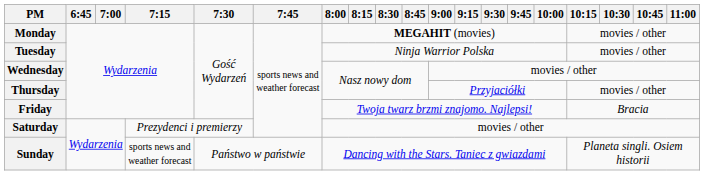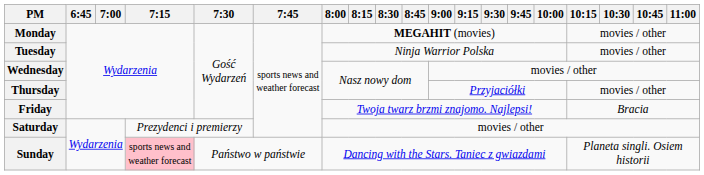 <table class="wikitable" style="text-align:center; font-size:90%">
 <tr>
 <th>PM</th>
 <th>6:45</th>
 <th>7:00</th>
 <th>7:15</th>
 <th>7:30</th>
 <th>7:45</th>
 <th>8:00</th>
 <th>8:15</th>
 <th>8:30</th>
 <th>8:45</th>
 <th>9:00</th>
 <th>9:15</th>
 <th>9:30</th>
 <th>9:45</th>
 <th>10:00</th>
 <th>10:15</th>
 <th>10:30</th>
 <th>10:45</th>
 <th>11:00</th>
 </tr>
 <tr>
 <th>Monday</th>
 <td colspan="3" rowspan="5"><em><a href='#'>Wydarzenia</a></em></td>
 <td rowspan="5"><em>Gość Wydarzeń</em></td>
 <td rowspan="6"><small>sports news and weather forecast</small></td>
 <td colspan="9"><strong>MEGAHIT</strong> (movies)</td>
 <td colspan="4">movies / other</td>
 </tr>
 <tr>
 <th>Tuesday</th>
 <td colspan="9"><em>Ninja Warrior Polska</em></td>
 <td colspan="4">movies / other</td>
 </tr>
 <tr>
 <th>Wednesday</th>
 <td colspan="4" rowspan="2"><em>Nasz nowy dom</em></td>
 <td colspan="9">movies / other</td>
 </tr>
 <tr>
 <th>Thursday</th>
 <td colspan="5"><em><a href='#'>Przyjaciółki</a></em></td>
 <td colspan="4">movies / other</td>
 </tr>
 <tr>
 <th>Friday</th>
 <td colspan="9"><em><a href='#'>Twoja twarz brzmi znajomo. Najlepsi!</a></em></td>
 <td colspan="4"><em>Bracia</em></td>
 </tr>
 <tr>
 <th>Saturday</th>
 <td colspan="2" rowspan="2"><em><a href='#'>Wydarzenia</a></em></td>
 <td colspan="2"><em>Prezydenci i premierzy</em></td>
 <td colspan="13">movies / other</td>
 </tr>
 <tr>
 <th>Sunday</th>
-<td><small>sports news and weather forecast</small></td>
+<td style="background: pink;"><small>sports news and weather forecast</small></td>
 <td colspan="2"><em>Państwo w państwie</em></td>
 <td colspan="9"><em><a href='#'>Dancing with the Stars. Taniec z gwiazdami</a></em></td>
 <td colspan="4"><em>Planeta singli. Osiem historii</em></td>
 </tr>
 </table>
